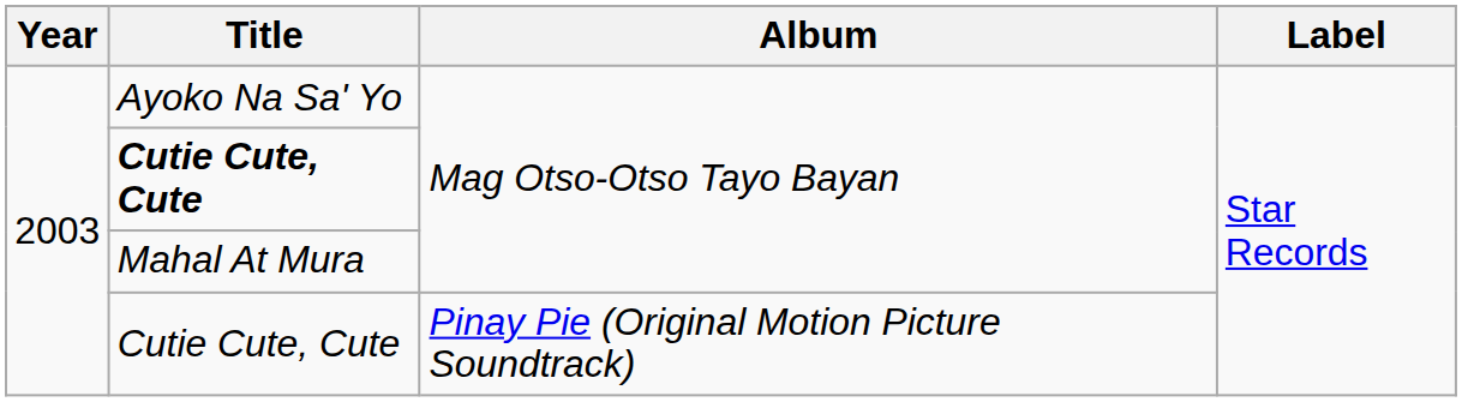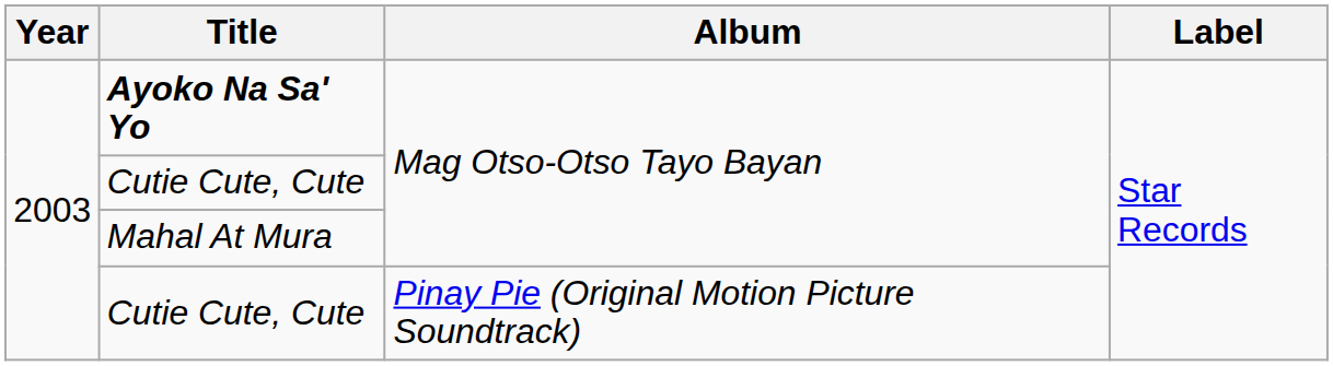 <table class="wikitable">
 <tr>
 <th>Year</th>
 <th>Title</th>
 <th>Album</th>
 <th>Label</th>
 </tr>
 <tr>
 <td rowspan="4">2003</td>
-<td><em>Ayoko Na Sa' Yo</em></td>
+<td><strong><em>Ayoko Na Sa' Yo</em></strong></td>
 <td rowspan="3"><em>Mag Otso-Otso Tayo Bayan</em></td>
 <td rowspan="4"><a href='#'>Star Records</a></td>
 </tr>
 <tr>
-<td><strong><em>Cutie Cute, Cute</em></strong></td>
+<td><em>Cutie Cute, Cute</em></td>
 </tr>
 <tr>
 <td><em>Mahal At Mura</em></td>
 </tr>
 <tr>
 <td><em>Cutie Cute, Cute</em></td>
 <td><em><a href='#'>Pinay Pie</a> (Original Motion Picture Soundtrack)</em></td>
 </tr>
 </table>
